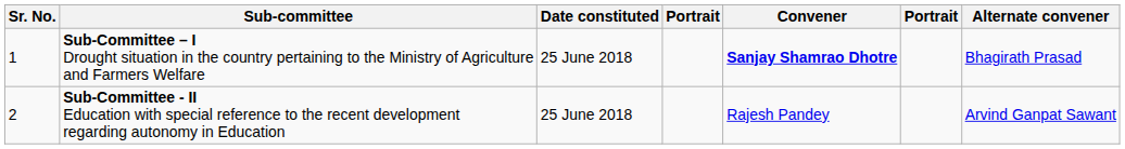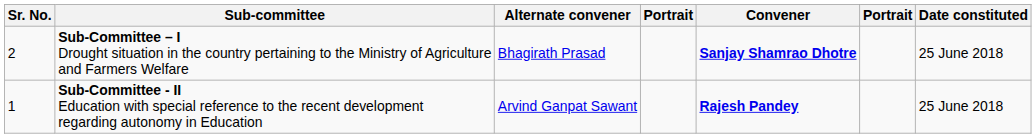 <table class="wikitable">
 <tr>
 <th><abbr>Sr. No.</abbr></th>
 <th>Sub-committee</th>
-<th>Date constituted</th>
+<th>Alternate convener</th>
 <th>Portrait</th>
 <th>Convener</th>
 <th>Portrait</th>
-<th>Alternate convener</th>
+<th>Date constituted</th>
+</tr>
+<tr>
+<td>2</td>
+<td><strong>Sub-Committee – I</strong><br>Drought situation in the country pertaining to the Ministry of Agriculture<br>and Farmers Welfare</td>
+<td><a href='#'>Bhagirath Prasad</a></td>
+<td></td>
+<td><strong><a href='#'>Sanjay Shamrao Dhotre</a></strong></td>
+<td></td>
+<td>25 June 2018</td>
 </tr>
 <tr>
 <td>1</td>
-<td><strong>Sub-Committee – I</strong><br>Drought situation in the country pertaining to the Ministry of Agriculture<br>and Farmers Welfare</td>
+<td><strong>Sub-Committee - II</strong><br>Education with special reference to the recent development<br>regarding autonomy in Education</td>
+<td><a href='#'>Arvind Ganpat Sawant</a></td>
+<td></td>
+<td><strong><a href='#'>Rajesh Pandey</a></strong></td>
+<td></td>
 <td>25 June 2018</td>
-<td></td>
-<td><strong><a href='#'>Sanjay Shamrao Dhotre</a></strong></td>
-<td></td>
-<td><a href='#'>Bhagirath Prasad</a></td>
-</tr>
-<tr>
-<td>2</td>
-<td><strong>Sub-Committee - II</strong><br>Education with special reference to the recent development<br>regarding autonomy in Education</td>
-<td>25 June 2018</td>
-<td></td>
-<td><a href='#'>Rajesh Pandey</a></td>
-<td></td>
-<td><a href='#'>Arvind Ganpat Sawant</a></td>
 </tr>
 </table>
